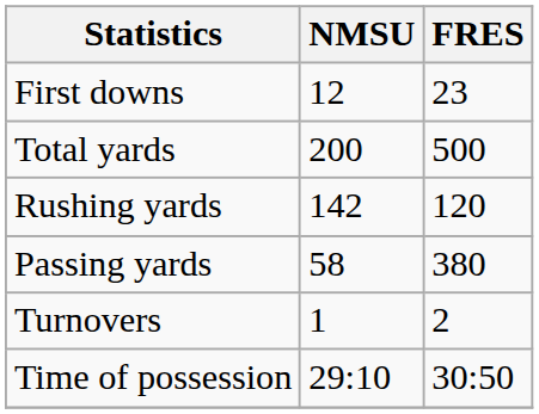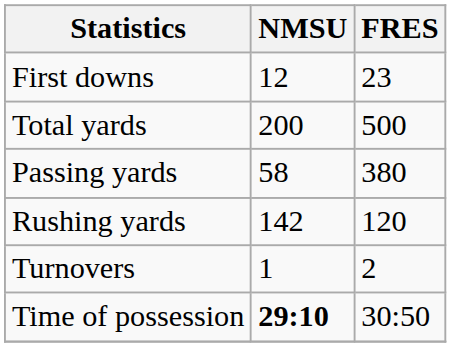 <table class="wikitable" style="float: left;">
 <tr>
 <th>Statistics</th>
 <th>NMSU</th>
 <th>FRES</th>
 </tr>
 <tr>
 <td>First downs</td>
 <td>12</td>
 <td>23</td>
 </tr>
 <tr>
 <td>Total yards</td>
 <td>200</td>
 <td>500</td>
 </tr>
 <tr>
+<td>Passing yards</td>
+<td>58</td>
+<td>380</td>
+</tr>
+<tr>
 <td>Rushing yards</td>
 <td>142</td>
 <td>120</td>
-</tr>
-<tr>
-<td>Passing yards</td>
-<td>58</td>
-<td>380</td>
 </tr>
 <tr>
 <td>Turnovers</td>
 <td>1</td>
 <td>2</td>
 </tr>
 <tr>
 <td>Time of possession</td>
-<td>29:10</td>
+<td><strong>29:10</strong></td>
 <td>30:50</td>
 </tr>
 <tr>
 </tr>
 </table>
